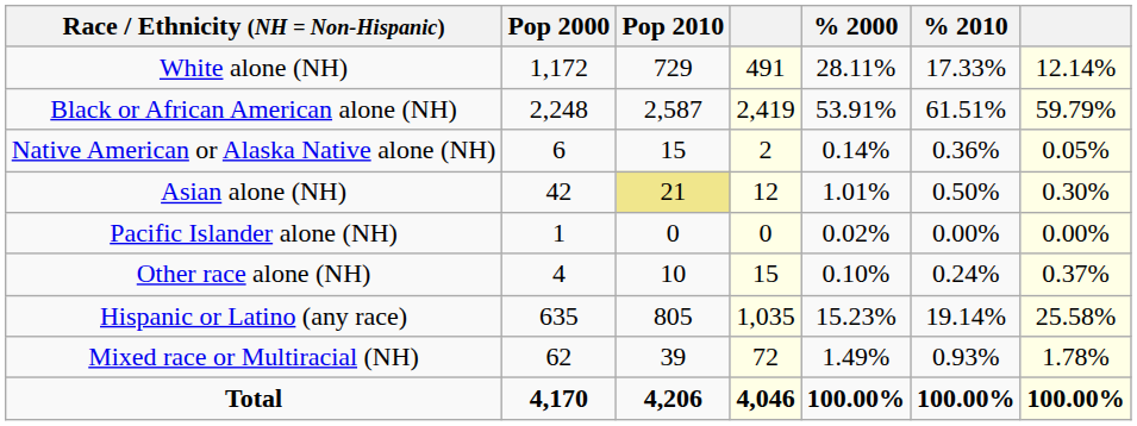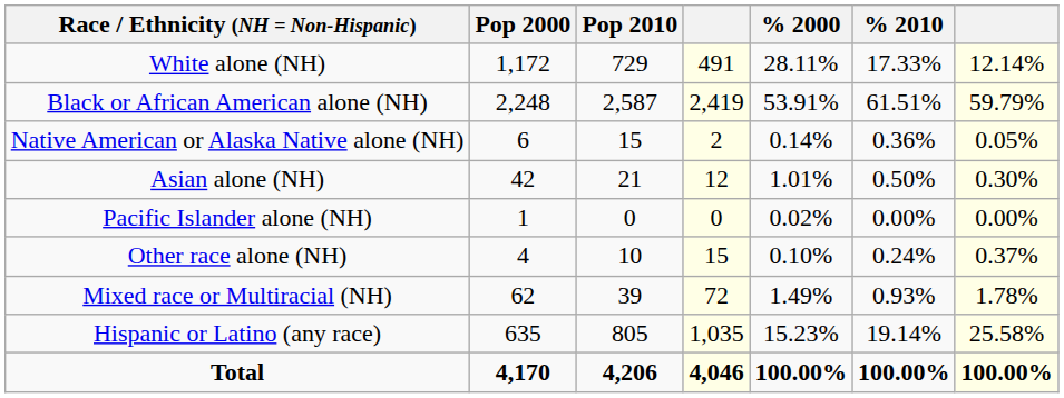 <table class="wikitable" style="text-align:center;">
 <tr>
 <th>Race / Ethnicity <small>(<em>NH = Non-Hispanic</em>)</small></th>
 <th>Pop 2000</th>
 <th>Pop 2010</th>
 <th></th>
 <th>% 2000</th>
 <th>% 2010</th>
 <th></th>
 </tr>
 <tr>
 <td><a href='#'>White</a> alone (NH)</td>
 <td>1,172</td>
 <td>729</td>
 <td style='background: #ffffe6;'>491</td>
 <td>28.11%</td>
 <td>17.33%</td>
 <td style='background: #ffffe6;'>12.14%</td>
 </tr>
 <tr>
 <td><a href='#'>Black or African American</a> alone (NH)</td>
 <td>2,248</td>
 <td>2,587</td>
 <td style='background: #ffffe6;'>2,419</td>
 <td>53.91%</td>
 <td>61.51%</td>
 <td style='background: #ffffe6;'>59.79%</td>
 </tr>
 <tr>
 <td><a href='#'>Native American</a> or <a href='#'>Alaska Native</a> alone (NH)</td>
 <td>6</td>
 <td>15</td>
 <td style='background: #ffffe6;'>2</td>
 <td>0.14%</td>
 <td>0.36%</td>
 <td style='background: #ffffe6;'>0.05%</td>
 </tr>
 <tr>
 <td><a href='#'>Asian</a> alone (NH)</td>
 <td>42</td>
-<td style="background: khaki;">21</td>
+<td>21</td>
 <td style='background: #ffffe6;'>12</td>
 <td>1.01%</td>
 <td>0.50%</td>
 <td style='background: #ffffe6;'>0.30%</td>
 </tr>
 <tr>
 <td><a href='#'>Pacific Islander</a> alone (NH)</td>
 <td>1</td>
 <td>0</td>
 <td style='background: #ffffe6;'>0</td>
 <td>0.02%</td>
 <td>0.00%</td>
 <td style='background: #ffffe6;'>0.00%</td>
 </tr>
 <tr>
 <td><a href='#'>Other race</a> alone (NH)</td>
 <td>4</td>
 <td>10</td>
 <td style='background: #ffffe6;'>15</td>
 <td>0.10%</td>
 <td>0.24%</td>
 <td style='background: #ffffe6;'>0.37%</td>
 </tr>
 <tr>
+<td><a href='#'>Mixed race or Multiracial</a> (NH)</td>
+<td>62</td>
+<td>39</td>
+<td style='background: #ffffe6;'>72</td>
+<td>1.49%</td>
+<td>0.93%</td>
+<td style='background: #ffffe6;'>1.78%</td>
+</tr>
+<tr>
 <td><a href='#'>Hispanic or Latino</a> (any race)</td>
 <td>635</td>
 <td>805</td>
 <td style='background: #ffffe6;'>1,035</td>
 <td>15.23%</td>
 <td>19.14%</td>
 <td style='background: #ffffe6;'>25.58%</td>
-</tr>
-<tr>
-<td><a href='#'>Mixed race or Multiracial</a> (NH)</td>
-<td>62</td>
-<td>39</td>
-<td style='background: #ffffe6;'>72</td>
-<td>1.49%</td>
-<td>0.93%</td>
-<td style='background: #ffffe6;'>1.78%</td>
 </tr>
 <tr>
 <td><strong>Total</strong></td>
 <td><strong>4,170</strong></td>
 <td><strong>4,206</strong></td>
 <td style='background: #ffffe6;'><strong>4,046</strong></td>
 <td><strong>100.00%</strong></td>
 <td><strong>100.00%</strong></td>
 <td style='background: #ffffe6;'><strong>100.00%</strong></td>
 </tr>
 </table>
